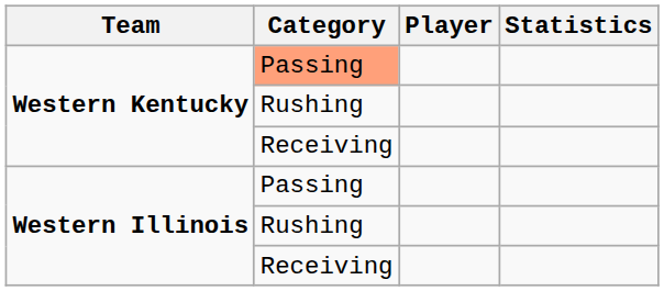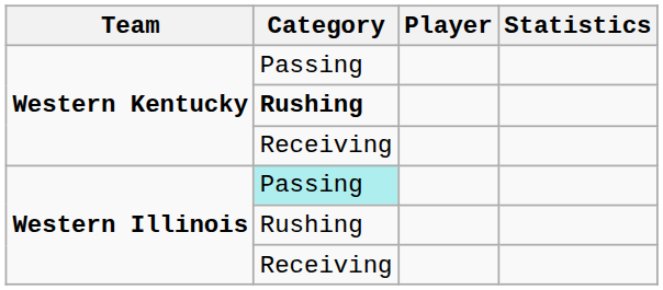 <table class="wikitable" style="float: right;">
 <tr>
 <th>Team</th>
 <th>Category</th>
 <th>Player</th>
 <th>Statistics</th>
 </tr>
 <tr>
 <td rowspan=3><strong>Western Kentucky</strong></td>
-<td style="background: lightsalmon;">Passing</td>
+<td>Passing</td>
 <td></td>
 <td></td>
 </tr>
 <tr>
-<td>Rushing</td>
+<td><strong>Rushing</strong></td>
 <td></td>
 <td></td>
 </tr>
 <tr>
 <td>Receiving</td>
 <td></td>
 <td></td>
 </tr>
 <tr>
 <td rowspan=3><strong>Western Illinois</strong></td>
-<td>Passing</td>
+<td style="background: paleturquoise;">Passing</td>
 <td></td>
 <td></td>
 </tr>
 <tr>
 <td>Rushing</td>
 <td></td>
 <td></td>
 </tr>
 <tr>
 <td>Receiving</td>
 <td></td>
 <td></td>
 </tr>
 </table>
